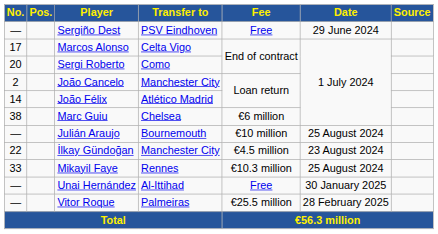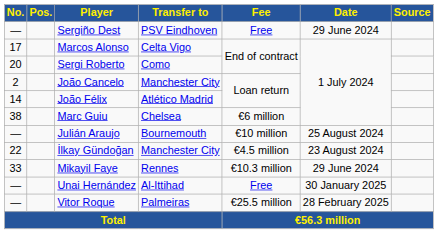 <table class="wikitable" style="text-align:center">
 <tr>
 <th style="background:#26559B;color:#FFF000;">No.</th>
 <th style="background:#26559B;color:#FFF000;">Pos.</th>
 <th style="background:#26559B;color:#FFF000;">Player</th>
 <th style="background:#26559B;color:#FFF000;">Transfer to</th>
 <th style="background:#26559B;color:#FFF000;">Fee</th>
 <th style="background:#26559B;color:#FFF000;">Date</th>
 <th style="background:#26559B;color:#FFF000;">Source</th>
 </tr>
 <tr>
 <td>—</td>
 <td></td>
 <td style="text-align:left"> <a href='#'>Sergiño Dest</a></td>
 <td style="text-align:left"> <a href='#'>PSV Eindhoven</a></td>
 <td><a href='#'>Free</a></td>
 <td>29 June 2024</td>
 <td></td>
 </tr>
 <tr>
 <td>17</td>
 <td></td>
 <td style="text-align:left"> <a href='#'>Marcos Alonso</a></td>
 <td style="text-align:left"><a href='#'>Celta Vigo</a></td>
 <td rowspan=2>End of contract</td>
 <td rowspan=5>1 July 2024</td>
 <td></td>
 </tr>
 <tr>
 <td>20</td>
 <td></td>
 <td style="text-align:left"> <a href='#'>Sergi Roberto</a></td>
 <td style="text-align:left"> <a href='#'>Como</a></td>
 <td></td>
 </tr>
 <tr>
 <td>2</td>
 <td></td>
 <td style="text-align:left"> <a href='#'>João Cancelo</a></td>
 <td style="text-align:left"> <a href='#'>Manchester City</a></td>
 <td rowspan=2>Loan return</td>
 <td></td>
 </tr>
 <tr>
 <td>14</td>
 <td></td>
 <td style="text-align:left"> <a href='#'>João Félix</a></td>
 <td style="text-align:left"><a href='#'>Atlético Madrid</a></td>
 <td></td>
 </tr>
 <tr>
 <td>38</td>
 <td></td>
 <td style="text-align:left"> <a href='#'>Marc Guiu</a></td>
 <td style="text-align:left"> <a href='#'>Chelsea</a></td>
 <td rowspan=1>€6 million</td>
 <td></td>
 </tr>
 <tr>
 <td>—</td>
 <td></td>
 <td style="text-align:left"> <a href='#'>Julián Araujo</a></td>
 <td style="text-align:left"> <a href='#'>Bournemouth</a></td>
 <td rowspan=1>€10 million</td>
 <td rowspan=1>25 August 2024</td>
 <td></td>
 </tr>
 <tr>
 <td>22</td>
 <td></td>
 <td style="text-align:left"> <a href='#'>İlkay Gündoğan</a></td>
 <td style="text-align:left"> <a href='#'>Manchester City</a></td>
 <td rowspan=1>€4.5 million</td>
 <td rowspan=1>23 August 2024</td>
 <td></td>
 </tr>
 <tr>
 <td>33</td>
 <td></td>
 <td style="text-align:left"> <a href='#'>Mikayil Faye</a></td>
 <td style="text-align:left"> <a href='#'>Rennes</a></td>
 <td rowspan=1>€10.3 million</td>
-<td rowspan=1>25 August 2024</td>
+<td>29 June 2024</td>
 <td></td>
 </tr>
 <tr>
 <td>—</td>
 <td></td>
 <td style="text-align:left"> <a href='#'>Unai Hernández</a></td>
 <td style="text-align:left"> <a href='#'>Al-Ittihad</a></td>
 <td><a href='#'>Free</a></td>
 <td rowspan=1>30 January 2025</td>
 <td></td>
 </tr>
 <tr>
 <td>—</td>
 <td></td>
 <td style="text-align:left"> <a href='#'>Vitor Roque</a></td>
 <td style="text-align:left"> <a href='#'>Palmeiras</a></td>
 <td rowspan=1>€25.5 million</td>
 <td rowspan=1>28 February 2025</td>
 <td></td>
 </tr>
 <tr>
 <th colspan="4" style="background:#26559B;color:#FFF000;">Total</th>
 <th colspan="4" style="background:#26559B;color:#FFF000;">€56.3 million</th>
 </tr>
 </table>
